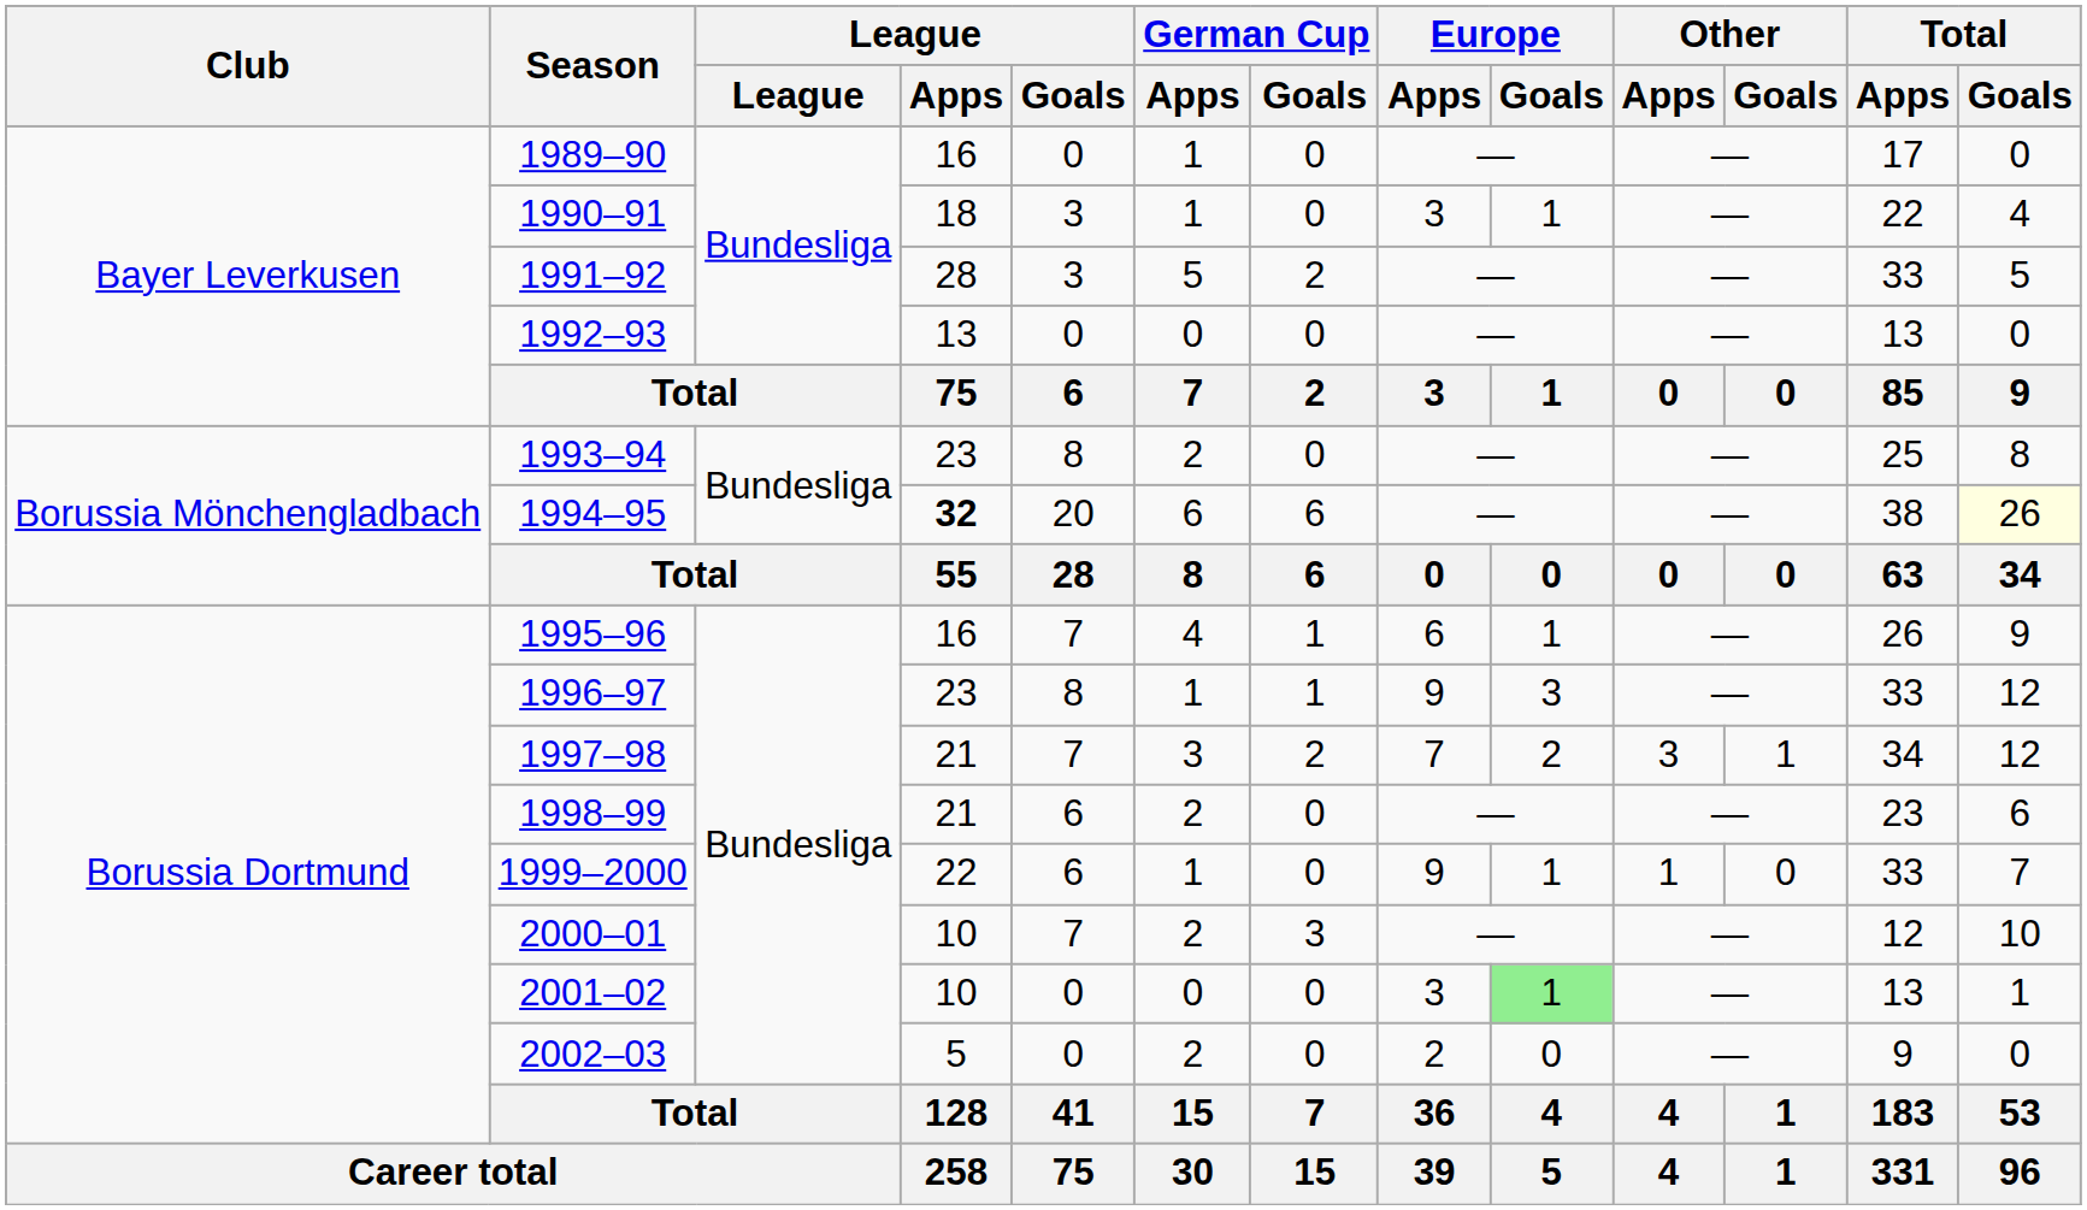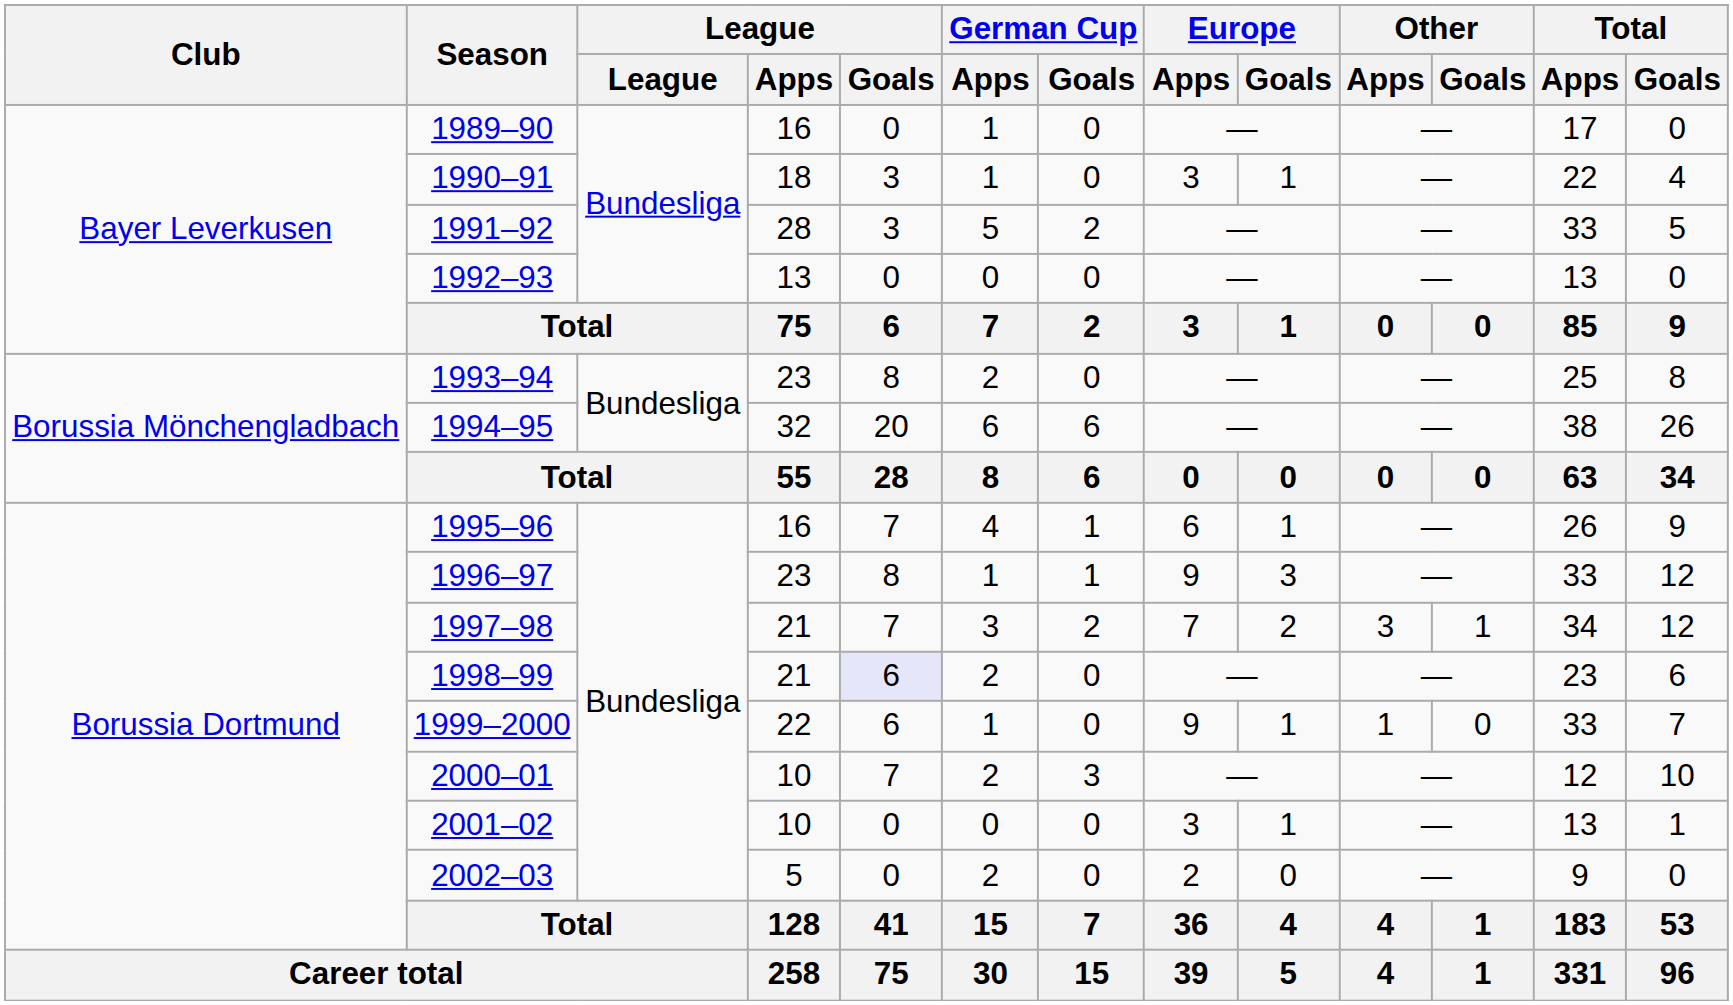 <table class="wikitable" style="text-align:center">
 <tr>
 <th rowspan="2">Club</th>
 <th rowspan="2">Season</th>
 <th colspan="3">League</th>
 <th colspan="2"><a href='#'>German Cup</a></th>
 <th colspan="2"><a href='#'>Europe</a></th>
 <th colspan="2">Other</th>
 <th colspan="2">Total</th>
 </tr>
 <tr>
 <th>League</th>
 <th>Apps</th>
 <th>Goals</th>
 <th>Apps</th>
 <th>Goals</th>
 <th>Apps</th>
 <th>Goals</th>
 <th>Apps</th>
 <th>Goals</th>
 <th>Apps</th>
 <th>Goals</th>
 </tr>
 <tr>
 <td rowspan="5"><a href='#'>Bayer Leverkusen</a></td>
 <td><a href='#'>1989–90</a></td>
 <td rowspan="4"><a href='#'>Bundesliga</a></td>
 <td>16</td>
 <td>0</td>
 <td>1</td>
 <td>0</td>
 <td colspan="2">—</td>
 <td colspan="2">—</td>
 <td>17</td>
 <td>0</td>
 </tr>
 <tr>
 <td><a href='#'>1990–91</a></td>
 <td>18</td>
 <td>3</td>
 <td>1</td>
 <td>0</td>
 <td>3</td>
 <td>1</td>
 <td colspan="2">—</td>
 <td>22</td>
 <td>4</td>
 </tr>
 <tr>
 <td><a href='#'>1991–92</a></td>
 <td>28</td>
 <td>3</td>
 <td>5</td>
 <td>2</td>
 <td colspan="2">—</td>
 <td colspan="2">—</td>
 <td>33</td>
 <td>5</td>
 </tr>
 <tr>
 <td><a href='#'>1992–93</a></td>
 <td>13</td>
 <td>0</td>
 <td>0</td>
 <td>0</td>
 <td colspan="2">—</td>
 <td colspan="2">—</td>
 <td>13</td>
 <td>0</td>
 </tr>
 <tr>
 <th colspan="2">Total</th>
 <th>75</th>
 <th>6</th>
 <th>7</th>
 <th>2</th>
 <th>3</th>
 <th>1</th>
 <th>0</th>
 <th>0</th>
 <th>85</th>
 <th>9</th>
 </tr>
 <tr>
 <td rowspan="3"><a href='#'>Borussia Mönchengladbach</a></td>
 <td><a href='#'>1993–94</a></td>
 <td rowspan="2">Bundesliga</td>
 <td>23</td>
 <td>8</td>
 <td>2</td>
 <td>0</td>
 <td colspan="2">—</td>
 <td colspan="2">—</td>
 <td>25</td>
 <td>8</td>
 </tr>
 <tr>
 <td><a href='#'>1994–95</a></td>
-<td><strong>32</strong></td>
+<td>32</td>
 <td>20</td>
 <td>6</td>
 <td>6</td>
 <td colspan="2">—</td>
 <td colspan="2">—</td>
 <td>38</td>
-<td style="background: lightyellow;">26</td>
+<td>26</td>
 </tr>
 <tr>
 <th colspan="2">Total</th>
 <th>55</th>
 <th>28</th>
 <th>8</th>
 <th>6</th>
 <th>0</th>
 <th>0</th>
 <th>0</th>
 <th>0</th>
 <th>63</th>
 <th>34</th>
 </tr>
 <tr>
 <td rowspan="9"><a href='#'>Borussia Dortmund</a></td>
 <td><a href='#'>1995–96</a></td>
 <td rowspan="8">Bundesliga</td>
 <td>16</td>
 <td>7</td>
 <td>4</td>
 <td>1</td>
 <td>6</td>
 <td>1</td>
 <td colspan="2">—</td>
 <td>26</td>
 <td>9</td>
 </tr>
 <tr>
 <td><a href='#'>1996–97</a></td>
 <td>23</td>
 <td>8</td>
 <td>1</td>
 <td>1</td>
 <td>9</td>
 <td>3</td>
 <td colspan="2">—</td>
 <td>33</td>
 <td>12</td>
 </tr>
 <tr>
 <td><a href='#'>1997–98</a></td>
 <td>21</td>
 <td>7</td>
 <td>3</td>
 <td>2</td>
 <td>7</td>
 <td>2</td>
 <td>3</td>
 <td>1</td>
 <td>34</td>
 <td>12</td>
 </tr>
 <tr>
 <td><a href='#'>1998–99</a></td>
 <td>21</td>
-<td>6</td>
+<td style="background: lavender;">6</td>
 <td>2</td>
 <td>0</td>
 <td colspan="2">—</td>
 <td colspan="2">—</td>
 <td>23</td>
 <td>6</td>
 </tr>
 <tr>
 <td><a href='#'>1999–2000</a></td>
 <td>22</td>
 <td>6</td>
 <td>1</td>
 <td>0</td>
 <td>9</td>
 <td>1</td>
 <td>1</td>
 <td>0</td>
 <td>33</td>
 <td>7</td>
 </tr>
 <tr>
 <td><a href='#'>2000–01</a></td>
 <td>10</td>
 <td>7</td>
 <td>2</td>
 <td>3</td>
 <td colspan="2">—</td>
 <td colspan="2">—</td>
 <td>12</td>
 <td>10</td>
 </tr>
 <tr>
 <td><a href='#'>2001–02</a></td>
 <td>10</td>
 <td>0</td>
 <td>0</td>
 <td>0</td>
 <td>3</td>
-<td style="background: lightgreen;">1</td>
+<td>1</td>
 <td colspan="2">—</td>
 <td>13</td>
 <td>1</td>
 </tr>
 <tr>
 <td><a href='#'>2002–03</a></td>
 <td>5</td>
 <td>0</td>
 <td>2</td>
 <td>0</td>
 <td>2</td>
 <td>0</td>
 <td colspan="2">—</td>
 <td>9</td>
 <td>0</td>
 </tr>
 <tr>
 <th colspan="2">Total</th>
 <th>128</th>
 <th>41</th>
 <th>15</th>
 <th>7</th>
 <th>36</th>
 <th>4</th>
 <th>4</th>
 <th>1</th>
 <th>183</th>
 <th>53</th>
 </tr>
 <tr>
 <th colspan="3">Career total</th>
 <th>258</th>
 <th>75</th>
 <th>30</th>
 <th>15</th>
 <th>39</th>
 <th>5</th>
 <th>4</th>
 <th>1</th>
 <th>331</th>
 <th>96</th>
 </tr>
 </table>
